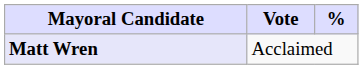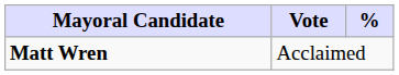 <table class="wikitable">
 <tr>
 <th style="background:#ddf; width:200px;">Mayoral Candidate</th>
 <th style="background:#ddf; width:50px;">Vote</th>
 <th style="background:#ddf; width:30px;">%</th>
 </tr>
 <tr>
-<td style="background: lavender;"><strong>Matt Wren</strong></td>
+<td><strong>Matt Wren</strong></td>
 <td colspan="2">Acclaimed</td>
 </tr>
 </table>
